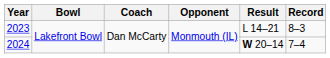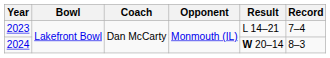 <table class="wikitable">
 <tr>
 <th>Year</th>
 <th>Bowl</th>
 <th>Coach</th>
 <th>Opponent</th>
 <th>Result</th>
 <th>Record</th>
 </tr>
 <tr>
 <td><a href='#'>2023</a></td>
 <td rowspan="2"><a href='#'>Lakefront Bowl</a></td>
 <td rowspan="2">Dan McCarty</td>
 <td rowspan="2"><a href='#'>Monmouth (IL)</a></td>
 <td>L 14–21</td>
-<td>8–3</td>
+<td>7–4</td>
 </tr>
 <tr>
 <td><a href='#'>2024</a></td>
 <td><strong>W</strong> 20–14</td>
-<td>7–4</td>
+<td>8–3</td>
 </tr>
 </table>
